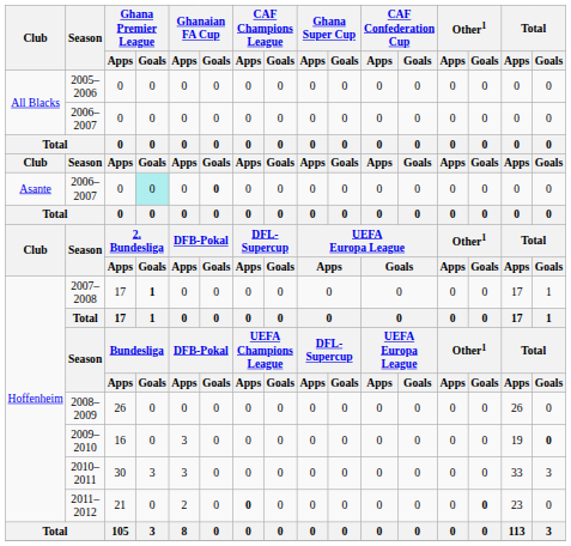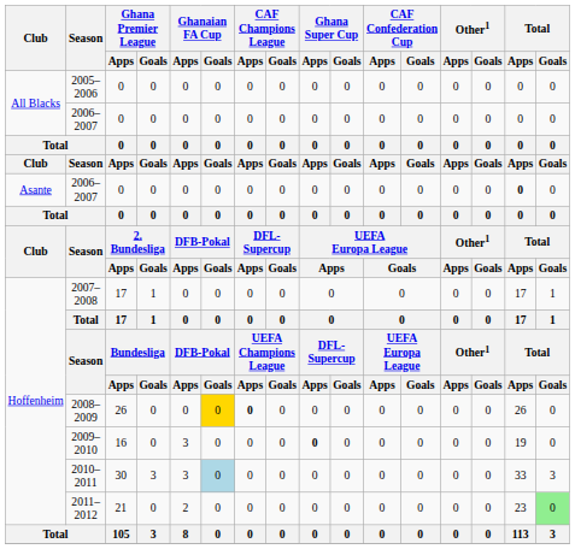 <table class="wikitable" style="font-size:95%; text-align: center;">
 <tr>
 <th rowspan="2" width=12%>Club</th>
 <th rowspan="2" width=10%>Season</th>
 <th colspan="2" width=12%><a href='#'>Ghana<br> Premier League</a></th>
 <th colspan="2"><a href='#'>Ghanaian<br> FA Cup</a></th>
 <th colspan="2"><a href='#'>CAF<br> Champions League</a></th>
 <th colspan="2"><a href='#'>Ghana<br> Super Cup</a></th>
 <th colspan="2"><a href='#'>CAF<br> Confederation Cup</a></th>
 <th colspan="2">Other<sup><span>1</span></sup></th>
 <th colspan="4">Total</th>
 </tr>
 <tr>
 <th>Apps</th>
 <th>Goals</th>
 <th>Apps</th>
 <th>Goals</th>
 <th>Apps</th>
 <th>Goals</th>
 <th>Apps</th>
 <th>Goals</th>
 <th>Apps</th>
 <th>Goals</th>
 <th>Apps</th>
 <th>Goals</th>
 <th>Apps</th>
 <th>Goals</th>
 </tr>
 <tr>
 <td rowspan="2" valign="center"><a href='#'>All Blacks</a></td>
 <td>2005–2006</td>
 <td>0</td>
 <td>0</td>
 <td>0</td>
 <td>0</td>
 <td>0</td>
 <td>0</td>
 <td>0</td>
 <td>0</td>
 <td>0</td>
 <td>0</td>
 <td>0</td>
 <td>0</td>
 <td>0</td>
 <td>0</td>
 </tr>
 <tr>
 <td>2006–2007</td>
 <td>0</td>
 <td>0</td>
 <td>0</td>
 <td>0</td>
 <td>0</td>
 <td>0</td>
 <td>0</td>
 <td>0</td>
 <td>0</td>
 <td>0</td>
 <td>0</td>
 <td>0</td>
 <td>0</td>
 <td>0</td>
 </tr>
 <tr>
 <th colspan="2">Total</th>
 <th>0</th>
 <th>0</th>
 <th>0</th>
 <th>0</th>
 <th>0</th>
 <th>0</th>
 <th>0</th>
 <th>0</th>
 <th>0</th>
 <th>0</th>
 <th>0</th>
 <th>0</th>
 <th>0</th>
 <th>0</th>
 </tr>
 <tr>
 <th rowspan="1">Club</th>
 <th rowspan="1">Season</th>
 <th colspan="1">Apps</th>
 <th colspan="1">Goals</th>
 <th colspan="1">Apps</th>
 <th colspan="1">Goals</th>
 <th colspan="1">Apps</th>
 <th colspan="1">Goals</th>
 <th colspan="1">Apps</th>
 <th colspan="1">Goals</th>
 <th colspan="1">Apps</th>
 <th colspan="1">Goals</th>
 <th colspan="1">Apps</th>
 <th colspan="1">Goals</th>
 <th colspan="1">Apps</th>
 <th colspan="1">Goals</th>
 </tr>
 <tr>
 <td rowspan="1" valign="center"><a href='#'>Asante</a></td>
 <td>2006–2007</td>
 <td>0</td>
-<td style="background: paleturquoise;">0</td>
-<td>0</td>
-<td><strong>0</strong></td>
 <td>0</td>
 <td>0</td>
 <td>0</td>
 <td>0</td>
 <td>0</td>
 <td>0</td>
 <td>0</td>
 <td>0</td>
 <td>0</td>
+<td>0</td>
+<td>0</td>
+<td><strong>0</strong></td>
 <td>0</td>
 </tr>
 <tr>
 <th colspan="2">Total</th>
 <th>0</th>
 <th>0</th>
 <th>0</th>
 <th>0</th>
 <th>0</th>
 <th>0</th>
 <th>0</th>
 <th>0</th>
 <th>0</th>
 <th>0</th>
 <th>0</th>
 <th>0</th>
 <th>0</th>
 <th>0</th>
 </tr>
 <tr>
 <th rowspan="2">Club</th>
 <th rowspan="2">Season</th>
 <th colspan="2"><a href='#'>2. Bundesliga</a></th>
 <th colspan="2"><a href='#'>DFB-Pokal</a></th>
 <th colspan="2"><a href='#'>DFL-Supercup</a></th>
 <th colspan="4"><a href='#'>UEFA<br> Europa League</a></th>
 <th colspan="2">Other<sup><span>1</span></sup></th>
 <th colspan="4">Total</th>
 </tr>
 <tr>
 <th colspan="1">Apps</th>
 <th colspan="1">Goals</th>
 <th colspan="1">Apps</th>
 <th colspan="1">Goals</th>
 <th colspan="1">Apps</th>
 <th colspan="1">Goals</th>
 <th colspan="2">Apps</th>
 <th colspan="2">Goals</th>
 <th colspan="1">Apps</th>
 <th colspan="1">Goals</th>
 <th colspan="1">Apps</th>
 <th colspan="1">Goals</th>
 </tr>
 <tr>
 <td rowspan="8" valign="center"><a href='#'>Hoffenheim</a></td>
 <td>2007–2008</td>
 <td>17</td>
-<td><strong>1</strong></td>
+<td>1</td>
 <td>0</td>
 <td>0</td>
 <td>0</td>
 <td>0</td>
 <td colspan="2">0</td>
 <td colspan="2">0</td>
 <td>0</td>
 <td>0</td>
 <td>17</td>
 <td>1</td>
 </tr>
 <tr>
 <th colspan="1">Total</th>
 <th colspan="1">17</th>
 <th colspan="1">1</th>
 <th colspan="1">0</th>
 <th colspan="1">0</th>
 <th colspan="1">0</th>
 <th colspan="1">0</th>
 <th colspan="2">0</th>
 <th colspan="2">0</th>
 <th colspan="1">0</th>
 <th colspan="1">0</th>
 <th colspan="1">17</th>
 <th colspan="1">1</th>
 </tr>
 <tr>
 <th rowspan="2">Season</th>
 <th colspan="2"><a href='#'>Bundesliga</a></th>
 <th colspan="2"><a href='#'>DFB-Pokal</a></th>
 <th colspan="2"><a href='#'>UEFA<br> Champions League</a></th>
 <th colspan="2"><a href='#'>DFL-Supercup</a></th>
 <th colspan="2"><a href='#'>UEFA<br> Europa League</a></th>
 <th colspan="2">Other<sup><span>1</span></sup></th>
 <th colspan="4">Total</th>
 </tr>
 <tr>
 <th colspan="1">Apps</th>
 <th colspan="1">Goals</th>
 <th colspan="1">Apps</th>
 <th colspan="1">Goals</th>
 <th colspan="1">Apps</th>
 <th colspan="1">Goals</th>
 <th colspan="1">Apps</th>
 <th colspan="1">Goals</th>
 <th colspan="1">Apps</th>
 <th colspan="1">Goals</th>
 <th colspan="1">Apps</th>
 <th colspan="1">Goals</th>
 <th colspan="1">Apps</th>
 <th colspan="1">Goals</th>
 </tr>
 <tr>
 <td>2008–2009</td>
 <td>26</td>
 <td>0</td>
 <td>0</td>
-<td>0</td>
-<td>0</td>
+<td style="background: gold;">0</td>
+<td><strong>0</strong></td>
 <td>0</td>
 <td>0</td>
 <td>0</td>
 <td>0</td>
 <td>0</td>
 <td>0</td>
 <td>0</td>
 <td>26</td>
 <td>0</td>
 </tr>
 <tr>
 <td>2009–2010</td>
 <td>16</td>
 <td>0</td>
 <td>3</td>
 <td>0</td>
 <td>0</td>
 <td>0</td>
-<td>0</td>
+<td><strong>0</strong></td>
 <td>0</td>
 <td>0</td>
 <td>0</td>
 <td>0</td>
 <td>0</td>
 <td>19</td>
-<td><strong>0</strong></td>
+<td>0</td>
 </tr>
 <tr>
 <td>2010–2011</td>
 <td>30</td>
 <td>3</td>
 <td>3</td>
-<td>0</td>
+<td style="background: lightblue;">0</td>
 <td>0</td>
 <td>0</td>
 <td>0</td>
 <td>0</td>
 <td>0</td>
 <td>0</td>
 <td>0</td>
 <td>0</td>
 <td>33</td>
 <td>3</td>
 </tr>
 <tr>
 <td>2011–2012</td>
 <td>21</td>
 <td>0</td>
 <td>2</td>
 <td>0</td>
-<td><strong>0</strong></td>
 <td>0</td>
 <td>0</td>
 <td>0</td>
 <td>0</td>
 <td>0</td>
 <td>0</td>
-<td><strong>0</strong></td>
+<td>0</td>
+<td>0</td>
 <td>23</td>
-<td>0</td>
+<td style="background: lightgreen;">0</td>
 </tr>
 <tr>
 <th colspan="2">Total</th>
 <th>105</th>
 <th>3</th>
 <th>8</th>
 <th>0</th>
 <th>0</th>
 <th>0</th>
 <th>0</th>
 <th>0</th>
 <th>0</th>
 <th>0</th>
 <th>0</th>
 <th>0</th>
 <th>113</th>
 <th>3</th>
 </tr>
 <tr>
 </tr>
 </table>
